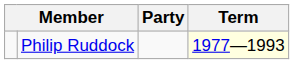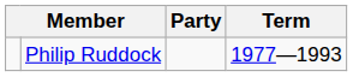 <table class="wikitable">
 <tr>
 <th colspan="2">Member</th>
 <th>Party</th>
 <th>Term</th>
 </tr>
 <tr>
 <td> </td>
 <td><a href='#'>Philip Ruddock</a></td>
 <td></td>
-<td style="background: lightyellow;"><a href='#'>1977</a>—1993</td>
+<td><a href='#'>1977</a>—1993</td>
 </tr>
 </table>
